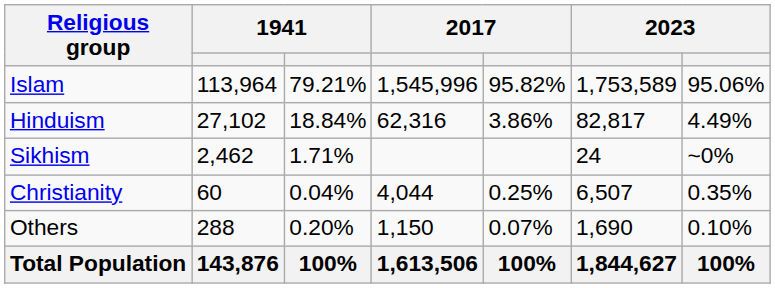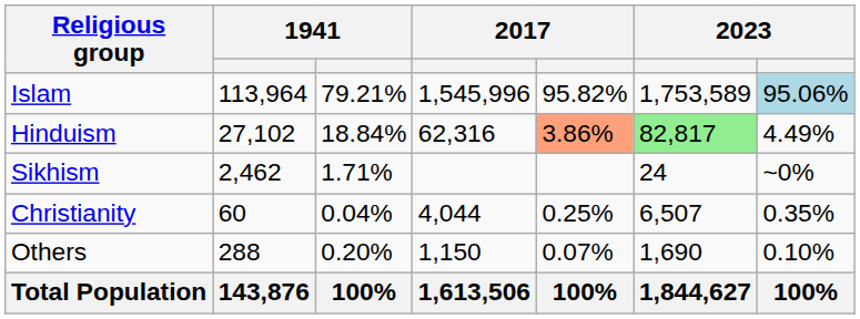 <table class="wikitable sortable">
 <tr>
 <th rowspan="2"><a href='#'>Religious</a><br>group</th>
 <th colspan="2">1941</th>
 <th colspan="2">2017</th>
 <th colspan="2">2023</th>
 </tr>
 <tr>
 <th><a href='#'></a></th>
 <th></th>
 <th></th>
 <th></th>
 <th></th>
 <th></th>
 </tr>
 <tr>
 <td><a href='#'>Islam</a> </td>
 <td>113,964</td>
 <td>79.21%</td>
 <td>1,545,996</td>
 <td>95.82%</td>
 <td>1,753,589</td>
-<td>95.06%</td>
+<td style="background: lightblue;">95.06%</td>
 </tr>
 <tr>
 <td><a href='#'>Hinduism</a> </td>
 <td>27,102</td>
 <td>18.84%</td>
 <td>62,316</td>
-<td>3.86%</td>
-<td>82,817</td>
+<td style="background: lightsalmon;">3.86%</td>
+<td style="background: lightgreen;">82,817</td>
 <td>4.49%</td>
 </tr>
 <tr>
 <td><a href='#'>Sikhism</a> </td>
 <td>2,462</td>
 <td>1.71%</td>
 <td></td>
 <td></td>
 <td>24</td>
 <td>~0%</td>
 </tr>
 <tr>
 <td><a href='#'>Christianity</a> </td>
 <td>60</td>
 <td>0.04%</td>
 <td>4,044</td>
 <td>0.25%</td>
 <td>6,507</td>
 <td>0.35%</td>
 </tr>
 <tr>
 <td>Others </td>
 <td>288</td>
 <td>0.20%</td>
 <td>1,150</td>
 <td>0.07%</td>
 <td>1,690</td>
 <td>0.10%</td>
 </tr>
 <tr>
 <th>Total Population</th>
 <th>143,876</th>
 <th>100%</th>
 <th>1,613,506</th>
 <th>100%</th>
 <th>1,844,627</th>
 <th>100%</th>
 </tr>
 </table>
